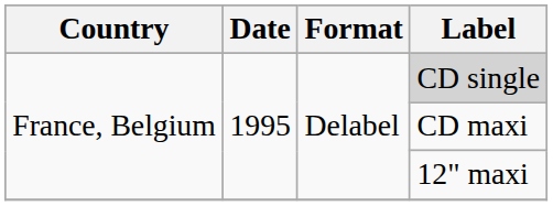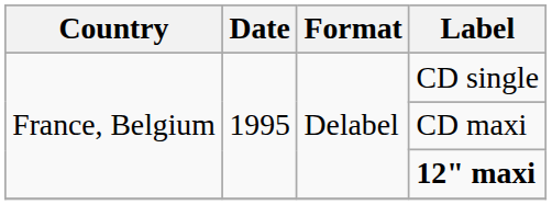 <table class=wikitable>
 <tr>
 <th>Country</th>
 <th>Date</th>
 <th>Format</th>
 <th>Label</th>
 </tr>
 <tr>
 <td rowspan="3">France, Belgium</td>
 <td rowspan="3">1995</td>
 <td rowspan="3">Delabel</td>
-<td style="background: lightgrey;">CD single</td>
+<td>CD single</td>
 </tr>
 <tr>
 <td>CD maxi</td>
 </tr>
 <tr>
-<td>12" maxi</td>
+<td><strong>12" maxi</strong></td>
 </tr>
 <tr>
 </tr>
 </table>
